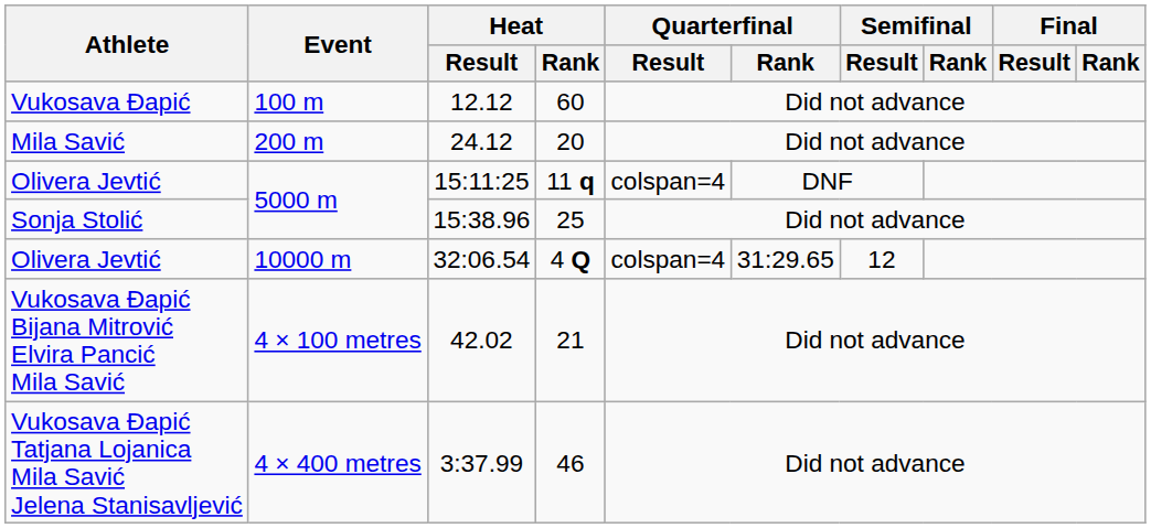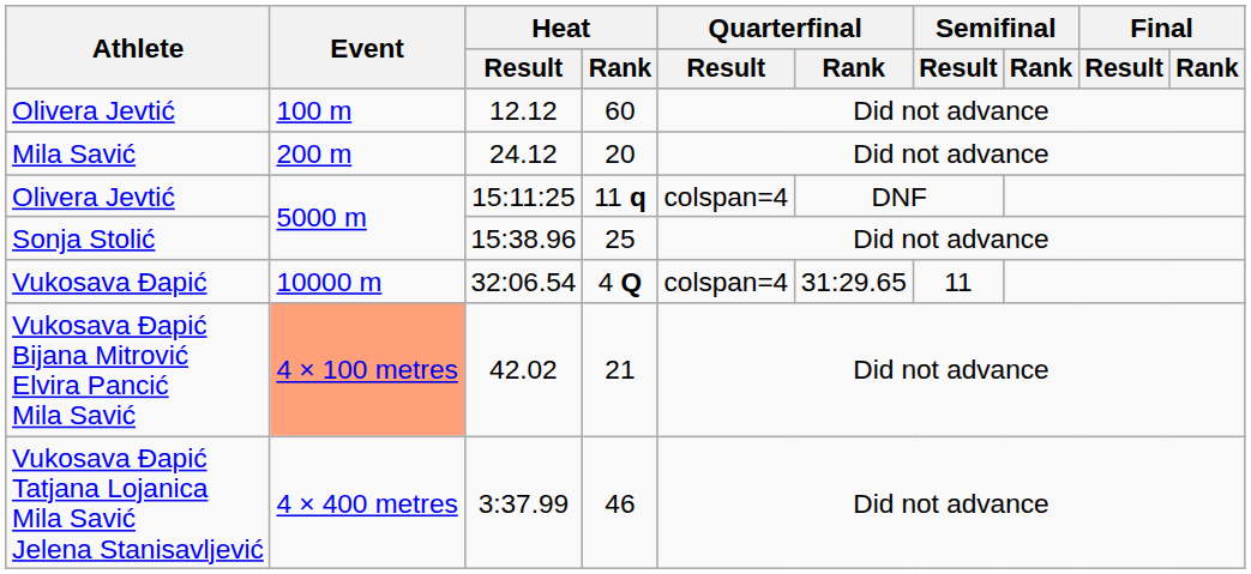 <table class="wikitable" style="font-size:90%">
 <tr>
 <th rowspan="2">Athlete</th>
 <th rowspan="2">Event</th>
 <th colspan="2">Heat</th>
 <th colspan="2">Quarterfinal</th>
 <th colspan="2">Semifinal</th>
 <th colspan="2">Final</th>
 </tr>
 <tr style="font-size:95%">
 <th>Result</th>
 <th>Rank</th>
 <th>Result</th>
 <th>Rank</th>
 <th>Result</th>
 <th>Rank</th>
 <th>Result</th>
 <th>Rank</th>
 </tr>
 <tr align=center>
-<td align=left><a href='#'>Vukosava Đapić</a></td>
+<td align=left><a href='#'>Olivera Jevtić</a></td>
 <td align=left><a href='#'>100 m</a></td>
 <td>12.12</td>
 <td>60</td>
 <td colspan=6>Did not advance</td>
 </tr>
 <tr align=center>
 <td align=left><a href='#'>Mila Savić</a></td>
 <td align=left><a href='#'>200 m</a></td>
 <td>24.12</td>
 <td>20</td>
 <td colspan=6>Did not advance</td>
 </tr>
 <tr align=center>
 <td align=left><a href='#'>Olivera Jevtić</a></td>
 <td align=left rowspan=2><a href='#'>5000 m</a></td>
 <td>15:11:25</td>
 <td>11 <strong>q</strong></td>
 <td>colspan=4 </td>
 <td colspan=2>DNF</td>
 </tr>
 <tr align=center>
 <td align=left><a href='#'>Sonja Stolić</a></td>
 <td>15:38.96</td>
 <td>25</td>
 <td colspan=6>Did not advance</td>
 </tr>
 <tr align=center>
-<td align=left><a href='#'>Olivera Jevtić</a></td>
+<td align=left><a href='#'>Vukosava Đapić</a></td>
 <td align=left><a href='#'>10000 m</a></td>
 <td>32:06.54</td>
 <td>4 <strong>Q</strong></td>
 <td>colspan=4 </td>
 <td>31:29.65</td>
-<td>12</td>
+<td>11</td>
 </tr>
 <tr align=center>
 <td align=left><a href='#'>Vukosava Đapić</a><br><a href='#'>Bijana Mitrović</a><br><a href='#'>Elvira Pancić</a><br><a href='#'>Mila Savić</a></td>
-<td align=left><a href='#'>4 × 100 metres</a></td>
+<td align=left style="background: lightsalmon;"><a href='#'>4 × 100 metres</a></td>
 <td>42.02</td>
 <td>21</td>
 <td colspan=6>Did not advance</td>
 </tr>
 <tr align=center>
 <td align=left><a href='#'>Vukosava Đapić</a><br><a href='#'>Tatjana Lojanica</a><br><a href='#'>Mila Savić</a><br><a href='#'>Jelena Stanisavljević</a></td>
 <td align=left><a href='#'>4 × 400 metres</a></td>
 <td>3:37.99</td>
 <td>46</td>
 <td colspan=6>Did not advance</td>
 </tr>
 </table>
